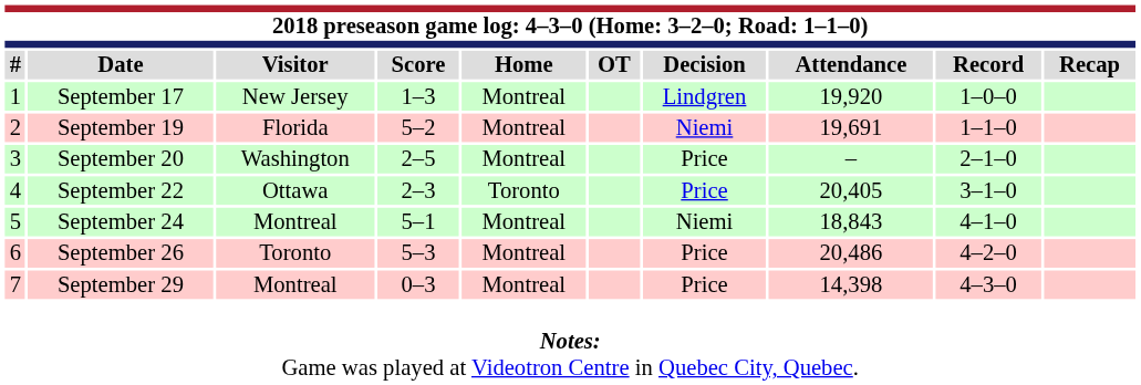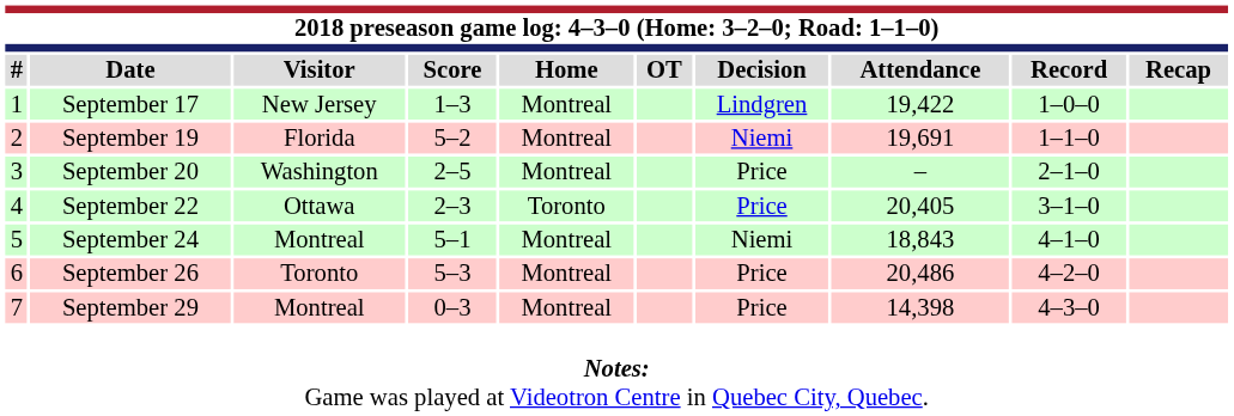 <table class="toccolours collapsible collapsed" style="width:90%; clear:both; margin:1.5em auto; text-align:center;">
 <tr>
 <th colspan="10" style="background:#FFFFFF; border-top:#AF1E2D 5px solid; border-bottom:#192168 5px solid;">2018 preseason game log: 4–3–0 (Home: 3–2–0; Road: 1–1–0)</th>
 </tr>
 <tr style="background:#ddd;">
 <th>#</th>
 <th>Date</th>
 <th>Visitor</th>
 <th>Score</th>
 <th>Home</th>
 <th>OT</th>
 <th>Decision</th>
 <th>Attendance</th>
 <th>Record</th>
 <th>Recap</th>
 </tr>
 <tr style="background:#cfc;">
 <td>1</td>
 <td>September 17</td>
 <td>New Jersey</td>
 <td>1–3</td>
 <td>Montreal</td>
 <td></td>
 <td><a href='#'>Lindgren</a></td>
-<td>19,920</td>
+<td>19,422</td>
 <td>1–0–0</td>
 <td></td>
 </tr>
 <tr style="background:#fcc;">
 <td>2</td>
 <td>September 19</td>
 <td>Florida</td>
 <td>5–2</td>
 <td>Montreal</td>
 <td></td>
 <td><a href='#'>Niemi</a></td>
 <td>19,691</td>
 <td>1–1–0</td>
 <td></td>
 </tr>
 <tr style="background:#cfc;">
 <td>3</td>
 <td>September 20</td>
 <td>Washington</td>
 <td>2–5</td>
 <td>Montreal</td>
 <td></td>
 <td>Price</td>
 <td>–</td>
 <td>2–1–0</td>
 <td></td>
 </tr>
 <tr style="background:#cfc;">
 <td>4</td>
 <td>September 22</td>
 <td>Ottawa</td>
 <td>2–3</td>
 <td>Toronto</td>
 <td></td>
 <td><a href='#'>Price</a></td>
 <td>20,405</td>
 <td>3–1–0</td>
 <td></td>
 </tr>
 <tr style="background:#cfc;">
 <td>5</td>
 <td>September 24</td>
 <td>Montreal</td>
 <td>5–1</td>
 <td>Montreal</td>
 <td></td>
 <td>Niemi</td>
 <td>18,843</td>
 <td>4–1–0</td>
 <td></td>
 </tr>
 <tr style="background:#fcc;">
 <td>6</td>
 <td>September 26</td>
 <td>Toronto</td>
 <td>5–3</td>
 <td>Montreal</td>
 <td></td>
 <td>Price</td>
 <td>20,486</td>
 <td>4–2–0</td>
 <td></td>
 </tr>
 <tr style="background:#fcc;">
 <td>7</td>
 <td>September 29</td>
 <td>Montreal</td>
 <td>0–3</td>
 <td>Montreal</td>
 <td></td>
 <td>Price</td>
 <td>14,398</td>
 <td>4–3–0</td>
 <td></td>
 </tr>
 <tr>
 <td colspan="10" style="text-align:center;"><br><strong><em>Notes:</em></strong><br>  Game was played at <a href='#'>Videotron Centre</a> in <a href='#'>Quebec City, Quebec</a>.</td>
 </tr>
 </table>
